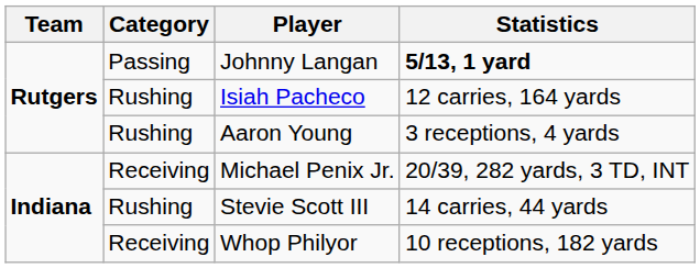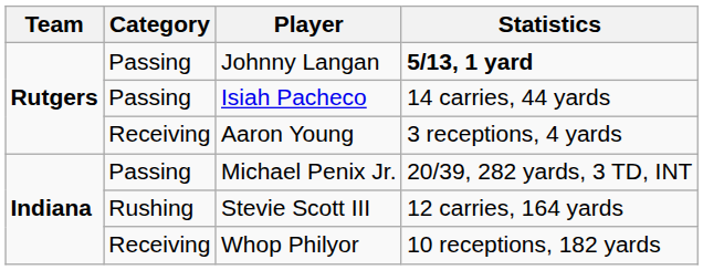 <table class="wikitable" style="float: right;">
 <tr>
 <th>Team</th>
 <th>Category</th>
 <th>Player</th>
 <th>Statistics</th>
 </tr>
 <tr>
 <td rowspan=3><strong>Rutgers</strong></td>
 <td>Passing</td>
 <td>Johnny Langan</td>
 <td><strong>5/13, 1 yard</strong></td>
 </tr>
 <tr>
-<td>Rushing</td>
+<td>Passing</td>
 <td><a href='#'>Isiah Pacheco</a></td>
-<td>12 carries, 164 yards</td>
+<td>14 carries, 44 yards</td>
 </tr>
 <tr>
-<td>Rushing</td>
+<td>Receiving</td>
 <td>Aaron Young</td>
 <td>3 receptions, 4 yards</td>
 </tr>
 <tr>
 <td rowspan=3><strong>Indiana</strong></td>
-<td>Receiving</td>
+<td>Passing</td>
 <td>Michael Penix Jr.</td>
 <td>20/39, 282 yards, 3 TD, INT</td>
 </tr>
 <tr>
 <td>Rushing</td>
 <td>Stevie Scott III</td>
-<td>14 carries, 44 yards</td>
+<td>12 carries, 164 yards</td>
 </tr>
 <tr>
 <td>Receiving</td>
 <td>Whop Philyor</td>
 <td>10 receptions, 182 yards</td>
 </tr>
 </table>
